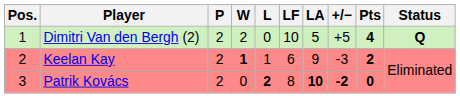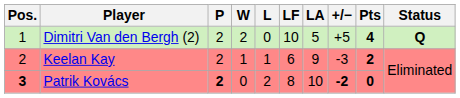 <table class="wikitable" style="text-align:center; margin: 1em auto 1em auto, align:left">
 <tr>
 <th width=20>Pos.</th>
 <th width=185>Player</th>
 <th width=20>P</th>
 <th width=20>W</th>
 <th width=20>L</th>
 <th width=20>LF</th>
 <th width=20>LA</th>
 <th width=25>+/−</th>
 <th width=20>Pts</th>
 <th width=70>Status</th>
 </tr>
 <tr style="background:#D0F0C0;">
 <td>1</td>
 <td align=left> <a href='#'>Dimitri Van den Bergh</a> (2)</td>
 <td>2</td>
 <td>2</td>
 <td>0</td>
 <td>10</td>
 <td>5</td>
 <td>+5</td>
 <td><strong>4</strong></td>
 <td rowspan=1><strong>Q</strong></td>
 </tr>
 <tr style="background:#FF8888;">
 <td>2</td>
 <td align=left> <a href='#'>Keelan Kay</a></td>
 <td>2</td>
-<td><strong>1</strong></td>
+<td>1</td>
 <td>1</td>
 <td>6</td>
 <td>9</td>
 <td>-3</td>
 <td><strong>2</strong></td>
 <td rowspan=2>Eliminated</td>
 </tr>
 <tr style="background:#FF8888;">
-<td>3</td>
+<td><strong>3</strong></td>
 <td align=left> <a href='#'>Patrik Kovács</a></td>
+<td><strong>2</strong></td>
+<td>0</td>
 <td>2</td>
-<td>0</td>
-<td><strong>2</strong></td>
 <td>8</td>
-<td><strong>10</strong></td>
+<td>10</td>
 <td><strong>-2</strong></td>
 <td><strong>0</strong></td>
 </tr>
 </table>
